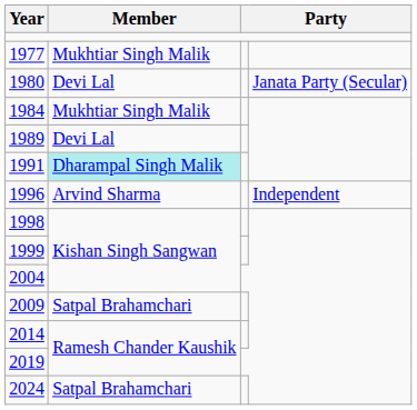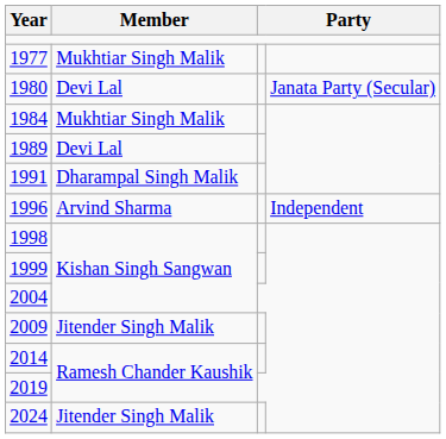 <table class="wikitable">
 <tr>
 <th>Year</th>
 <th>Member</th>
 <th colspan="2">Party</th>
 </tr>
 <tr>
 <td colspan="4"></td>
 </tr>
 <tr>
 <td><a href='#'>1977</a></td>
 <td><a href='#'>Mukhtiar Singh Malik</a></td>
 <td></td>
 </tr>
 <tr>
 <td><a href='#'>1980</a></td>
 <td><a href='#'>Devi Lal</a></td>
 <td style="background-color: "></td>
 <td><a href='#'>Janata Party (Secular)</a></td>
 </tr>
 <tr>
 <td><a href='#'>1984</a></td>
 <td><a href='#'>Mukhtiar Singh Malik</a></td>
 <td></td>
 </tr>
 <tr>
 <td><a href='#'>1989</a></td>
 <td><a href='#'>Devi Lal</a></td>
 <td></td>
 </tr>
 <tr>
 <td><a href='#'>1991</a></td>
-<td style="background: paleturquoise;"><a href='#'>Dharampal Singh Malik</a></td>
+<td><a href='#'>Dharampal Singh Malik</a></td>
 <td></td>
 </tr>
 <tr>
 <td><a href='#'>1996</a></td>
 <td><a href='#'>Arvind Sharma</a></td>
 <td style="background-color: "></td>
 <td><a href='#'>Independent</a></td>
 </tr>
 <tr>
 <td><a href='#'>1998</a></td>
 <td rowspan="3"><a href='#'>Kishan Singh Sangwan</a></td>
 <td></td>
 </tr>
 <tr>
 <td><a href='#'>1999</a></td>
 <td></td>
 </tr>
 <tr>
 <td><a href='#'>2004</a></td>
 </tr>
 <tr>
 <td><a href='#'>2009</a></td>
-<td><a href='#'>Satpal Brahamchari</a></td>
+<td><a href='#'>Jitender Singh Malik</a></td>
 <td></td>
 </tr>
 <tr>
 <td><a href='#'>2014</a></td>
 <td rowspan="2"><a href='#'>Ramesh Chander Kaushik</a></td>
 <td></td>
 </tr>
 <tr>
 <td><a href='#'>2019</a></td>
 </tr>
 <tr>
 <td><a href='#'>2024</a></td>
-<td><a href='#'>Satpal Brahamchari</a></td>
+<td><a href='#'>Jitender Singh Malik</a></td>
 <td></td>
 </tr>
 </table>
